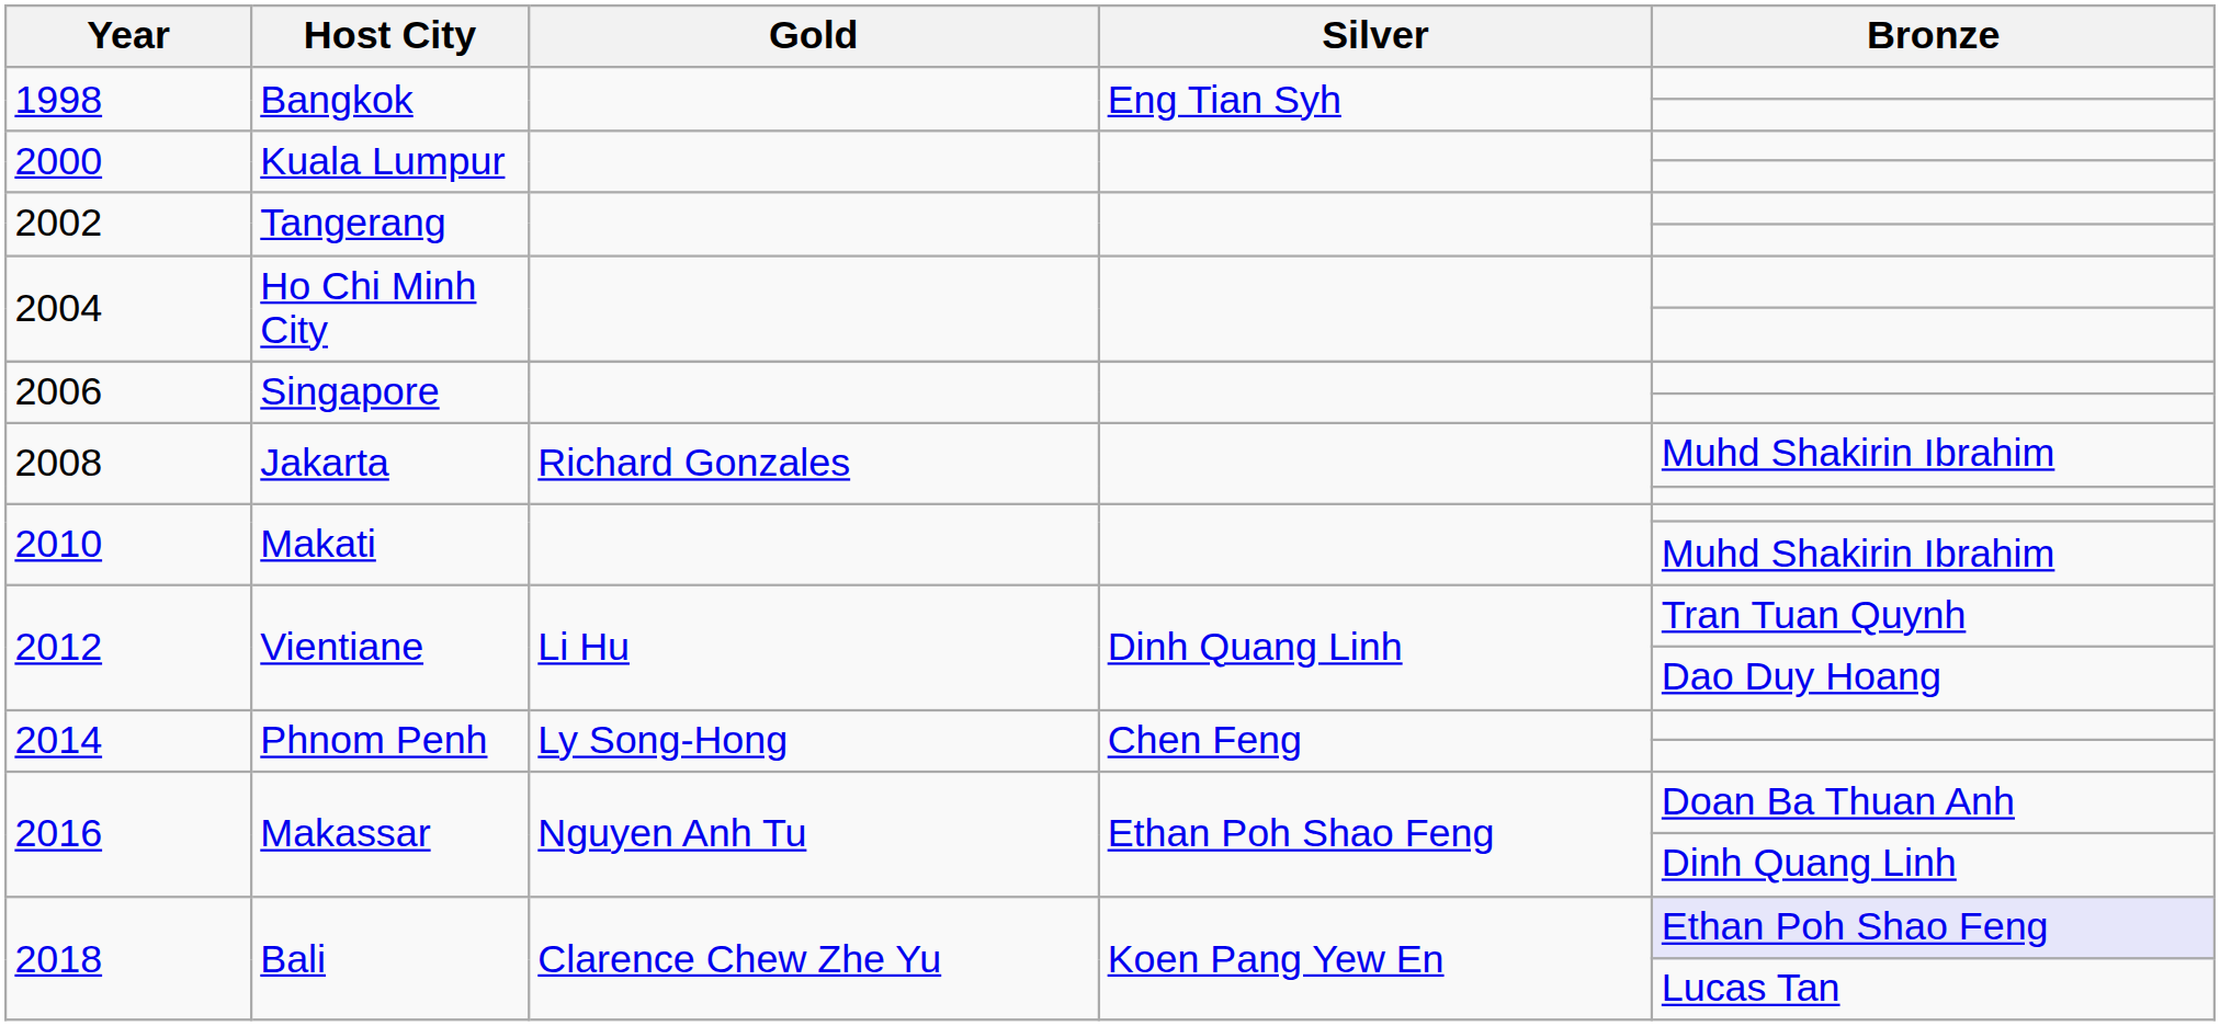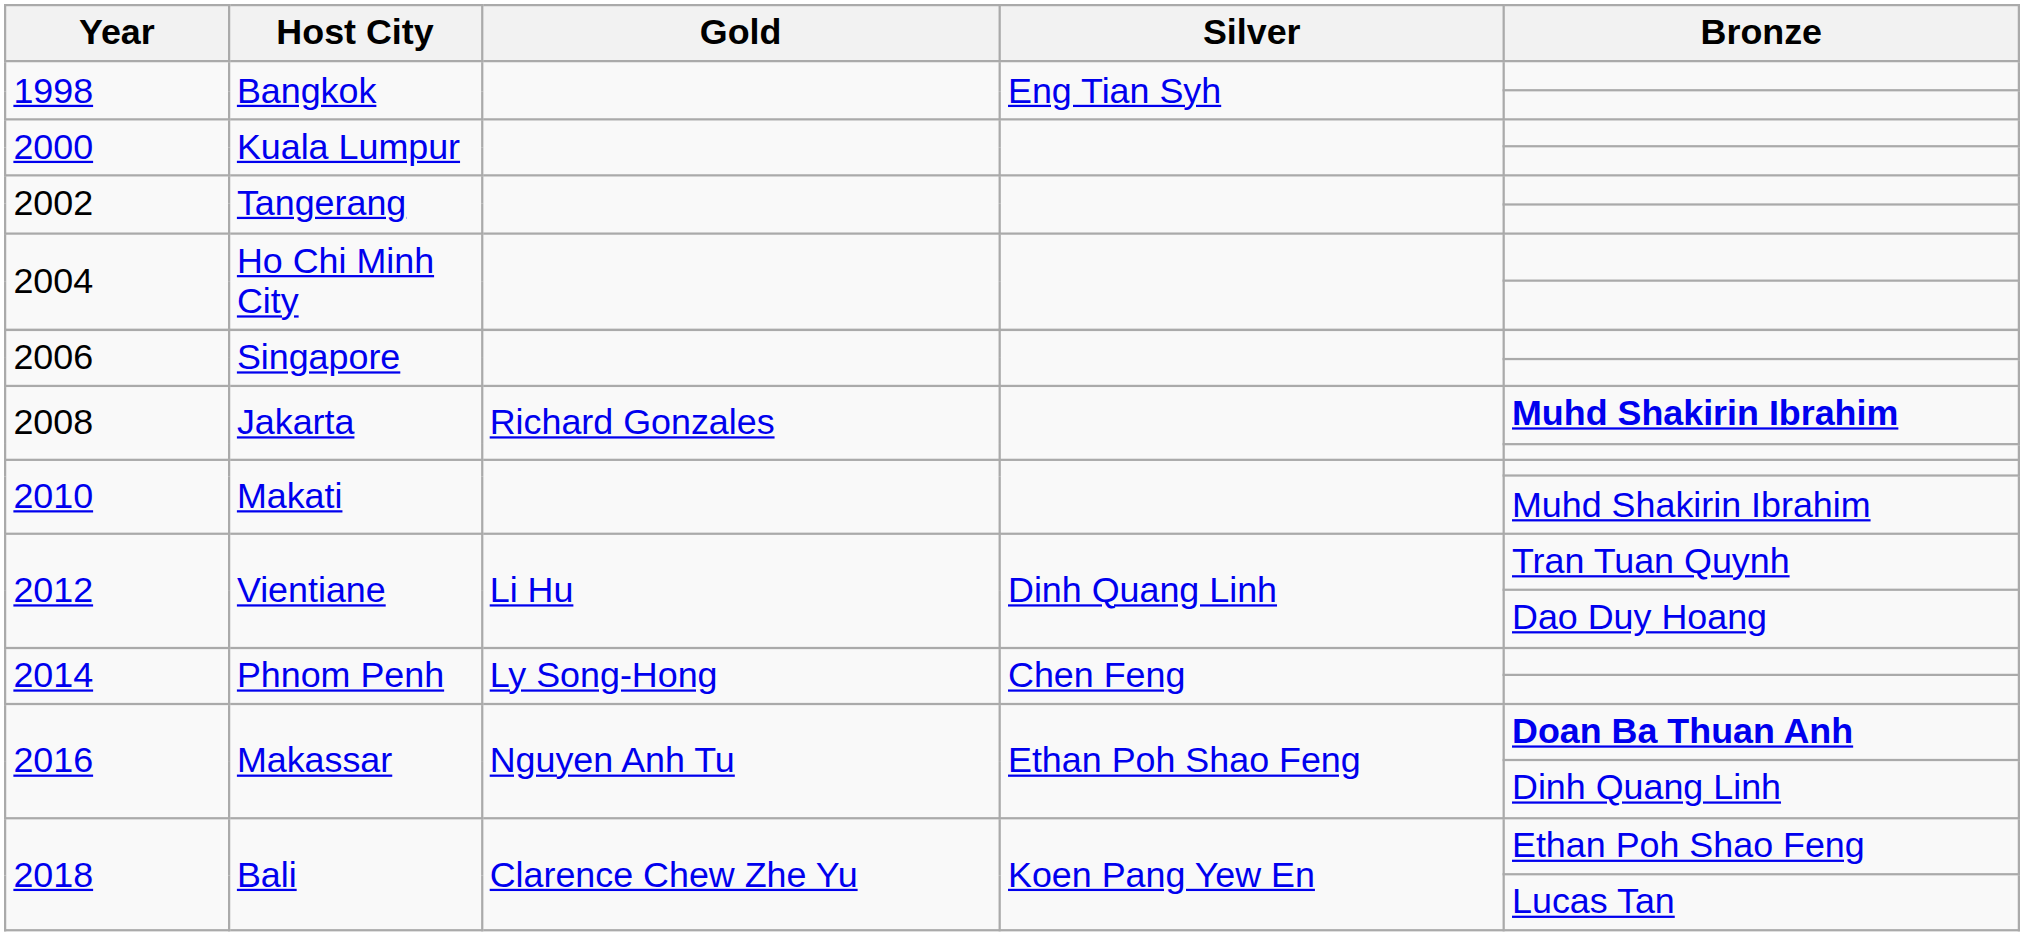 <table class="wikitable sortable" style="width:900px;">
 <tr>
 <th width="120">Year</th>
 <th width="120">Host City</th>
 <th width="300">Gold</th>
 <th width="300">Silver</th>
 <th width="300">Bronze</th>
 </tr>
 <tr>
 <td rowspan=2><a href='#'>1998</a></td>
 <td rowspan=2><a href='#'>Bangkok</a></td>
 <td rowspan=2></td>
 <td rowspan=2> <a href='#'>Eng Tian Syh</a></td>
 <td></td>
 </tr>
 <tr>
 <td></td>
 </tr>
 <tr>
 <td rowspan=2><a href='#'>2000</a></td>
 <td rowspan=2><a href='#'>Kuala Lumpur</a></td>
 <td rowspan=2></td>
 <td rowspan=2></td>
 <td></td>
 </tr>
 <tr>
 <td></td>
 </tr>
 <tr>
 <td rowspan=2>2002</td>
 <td rowspan=2><a href='#'>Tangerang</a></td>
 <td rowspan=2></td>
 <td rowspan=2></td>
 <td></td>
 </tr>
 <tr>
 <td></td>
 </tr>
 <tr>
 <td rowspan=2>2004</td>
 <td rowspan=2><a href='#'>Ho Chi Minh City</a></td>
 <td rowspan=2></td>
 <td rowspan=2></td>
 <td></td>
 </tr>
 <tr>
 <td></td>
 </tr>
 <tr>
 </tr>
 <tr>
 <td rowspan=2>2006</td>
 <td rowspan=2><a href='#'>Singapore</a></td>
 <td rowspan=2></td>
 <td rowspan=2></td>
 <td></td>
 </tr>
 <tr>
 <td></td>
 </tr>
 <tr>
 <td rowspan=2>2008</td>
 <td rowspan=2><a href='#'>Jakarta</a></td>
 <td rowspan=2> <a href='#'>Richard Gonzales</a></td>
 <td rowspan=2></td>
-<td> <a href='#'>Muhd Shakirin Ibrahim</a></td>
+<td><strong> <a href='#'>Muhd Shakirin Ibrahim</a></strong></td>
 </tr>
 <tr>
 <td></td>
 </tr>
 <tr>
 <td rowspan=2><a href='#'>2010</a></td>
 <td rowspan=2><a href='#'>Makati</a></td>
 <td rowspan=2></td>
 <td rowspan=2></td>
 <td></td>
 </tr>
 <tr>
 <td> <a href='#'>Muhd Shakirin Ibrahim</a></td>
 </tr>
 <tr>
 <td rowspan=2><a href='#'>2012</a></td>
 <td rowspan=2><a href='#'>Vientiane</a></td>
 <td rowspan=2> <a href='#'>Li Hu</a></td>
 <td rowspan=2> <a href='#'>Dinh Quang Linh</a></td>
 <td> <a href='#'>Tran Tuan Quynh</a></td>
 </tr>
 <tr>
 <td> <a href='#'>Dao Duy Hoang</a></td>
 </tr>
 <tr>
 <td rowspan=2><a href='#'>2014</a></td>
 <td rowspan=2><a href='#'>Phnom Penh</a></td>
 <td rowspan=2> <a href='#'>Ly Song-Hong</a></td>
 <td rowspan=2> <a href='#'>Chen Feng</a></td>
 <td></td>
 </tr>
 <tr>
 <td></td>
 </tr>
 <tr>
 <td rowspan=2><a href='#'>2016</a></td>
 <td rowspan=2><a href='#'>Makassar</a></td>
 <td rowspan=2> <a href='#'>Nguyen Anh Tu</a></td>
 <td rowspan=2> <a href='#'>Ethan Poh Shao Feng</a></td>
-<td> <a href='#'>Doan Ba Thuan Anh</a></td>
+<td><strong> <a href='#'>Doan Ba Thuan Anh</a></strong></td>
 </tr>
 <tr>
 <td> <a href='#'>Dinh Quang Linh</a></td>
 </tr>
 <tr>
 <td rowspan=2><a href='#'>2018</a></td>
 <td rowspan=2><a href='#'>Bali</a></td>
 <td rowspan=2> <a href='#'>Clarence Chew Zhe Yu</a></td>
 <td rowspan=2> <a href='#'>Koen Pang Yew En</a></td>
-<td style="background: lavender;"> <a href='#'>Ethan Poh Shao Feng</a></td>
+<td> <a href='#'>Ethan Poh Shao Feng</a></td>
 </tr>
 <tr>
 <td> <a href='#'>Lucas Tan</a></td>
 </tr>
 </table>
